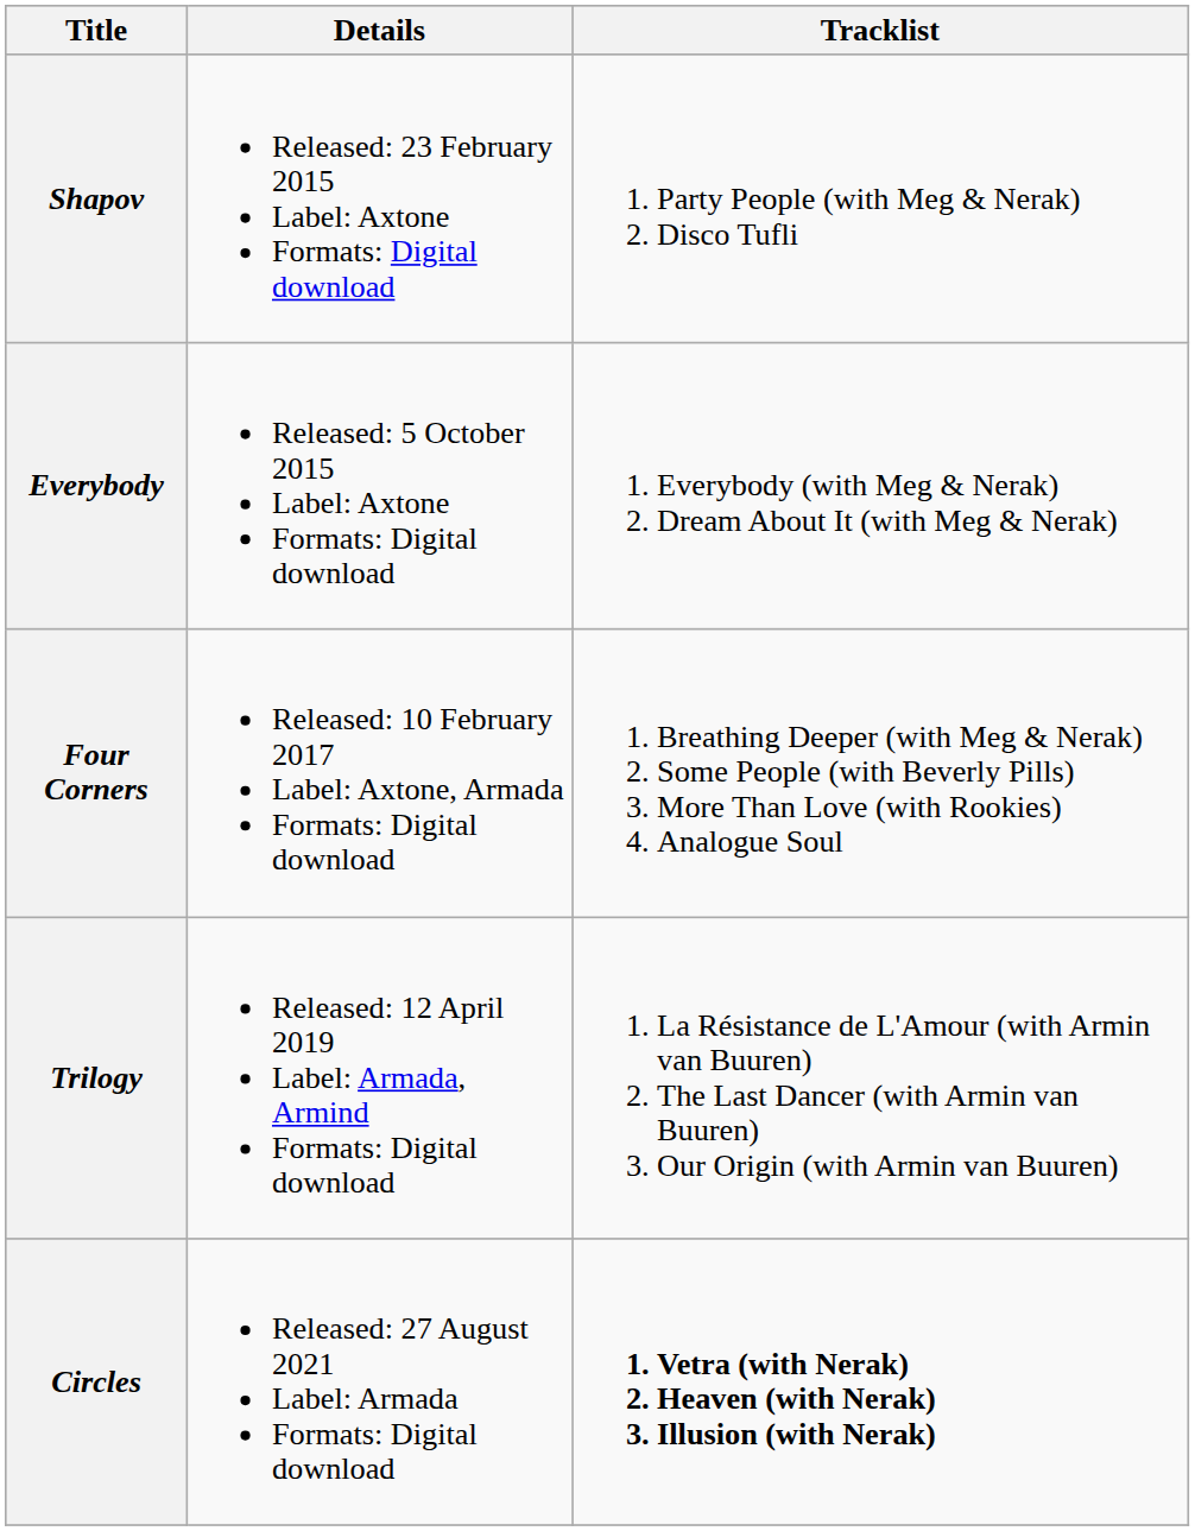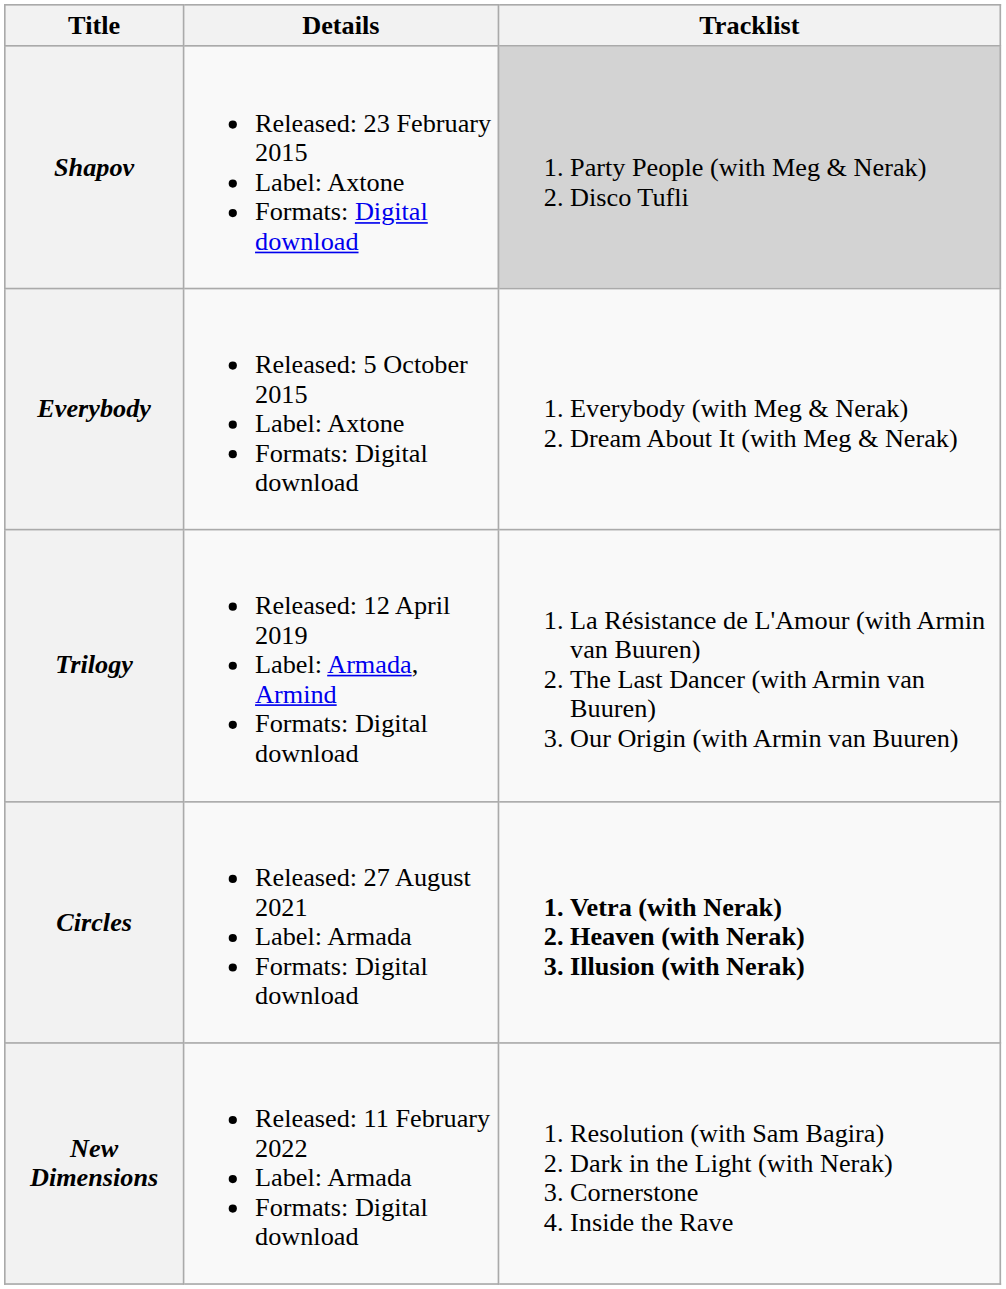 <table class="wikitable plainrowheaders">
 <tr>
 <th>Title</th>
 <th>Details</th>
 <th>Tracklist</th>
 </tr>
 <tr>
 <th scope="row"><em>Shapov</em></th>
 <td><br><ul><li>Released: 23 February 2015</li><li>Label: Axtone</li><li>Formats: <a href='#'>Digital download</a></li></ul></td>
-<td><br><ol><li>Party People (with Meg & Nerak)</li><li>Disco Tufli</li></ol></td>
+<td style="background: lightgrey;"><br><ol><li>Party People (with Meg & Nerak)</li><li>Disco Tufli</li></ol></td>
 </tr>
 <tr>
 <th scope="row"><em>Everybody</em></th>
 <td><br><ul><li>Released: 5 October 2015</li><li>Label: Axtone</li><li>Formats: Digital download</li></ul></td>
 <td><br><ol><li>Everybody (with Meg & Nerak)</li><li>Dream About It (with Meg & Nerak)</li></ol></td>
-</tr>
-<tr>
-<th scope="row"><em>Four Corners</em></th>
-<td><br><ul><li>Released: 10 February 2017</li><li>Label: Axtone, Armada</li><li>Formats: Digital download</li></ul></td>
-<td><br><ol><li>Breathing Deeper (with Meg & Nerak)</li><li>Some People (with Beverly Pills)</li><li>More Than Love (with Rookies)</li><li>Analogue Soul</li></ol></td>
 </tr>
 <tr>
 <th scope="row"><em>Trilogy</em></th>
 <td><br><ul><li>Released: 12 April 2019</li><li>Label: <a href='#'>Armada</a>, <a href='#'>Armind</a></li><li>Formats: Digital download</li></ul></td>
 <td><br><ol><li>La Résistance de L'Amour (with Armin van Buuren)</li><li>The Last Dancer (with Armin van Buuren)</li><li>Our Origin (with Armin van Buuren)</li></ol></td>
 </tr>
 <tr>
 <th scope="row"><em>Circles</em></th>
 <td><br><ul><li>Released: 27 August 2021</li><li>Label: Armada</li><li>Formats: Digital download</li></ul></td>
 <td><strong><br><ol><li>Vetra (with Nerak)</li><li>Heaven (with Nerak)</li><li>Illusion (with Nerak)</li></ol></strong></td>
 </tr>
+<tr>
+<th scope="row"><em>New Dimensions</em></th>
+<td><br><ul><li>Released: 11 February 2022</li><li>Label: Armada</li><li>Formats: Digital download</li></ul></td>
+<td><br><ol><li>Resolution (with Sam Bagira)</li><li>Dark in the Light (with Nerak)</li><li>Cornerstone</li><li>Inside the Rave</li></ol></td>
+</tr>
 </table>
